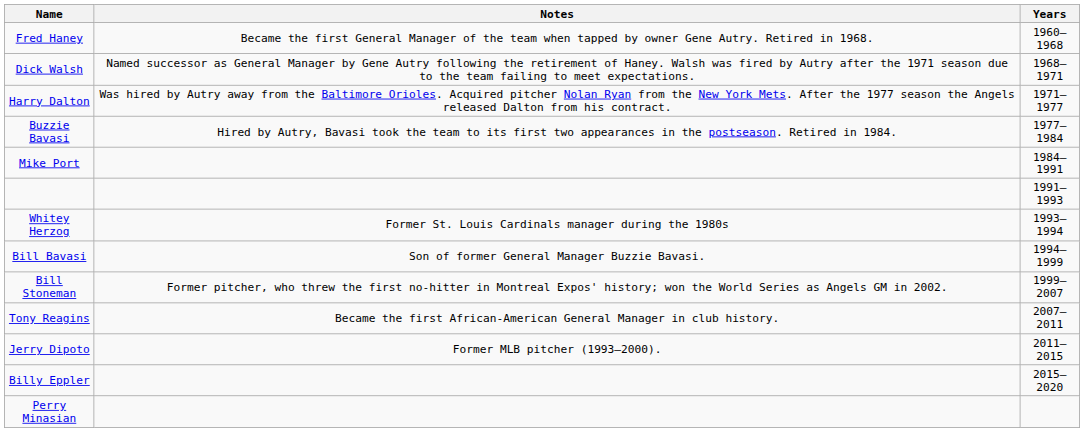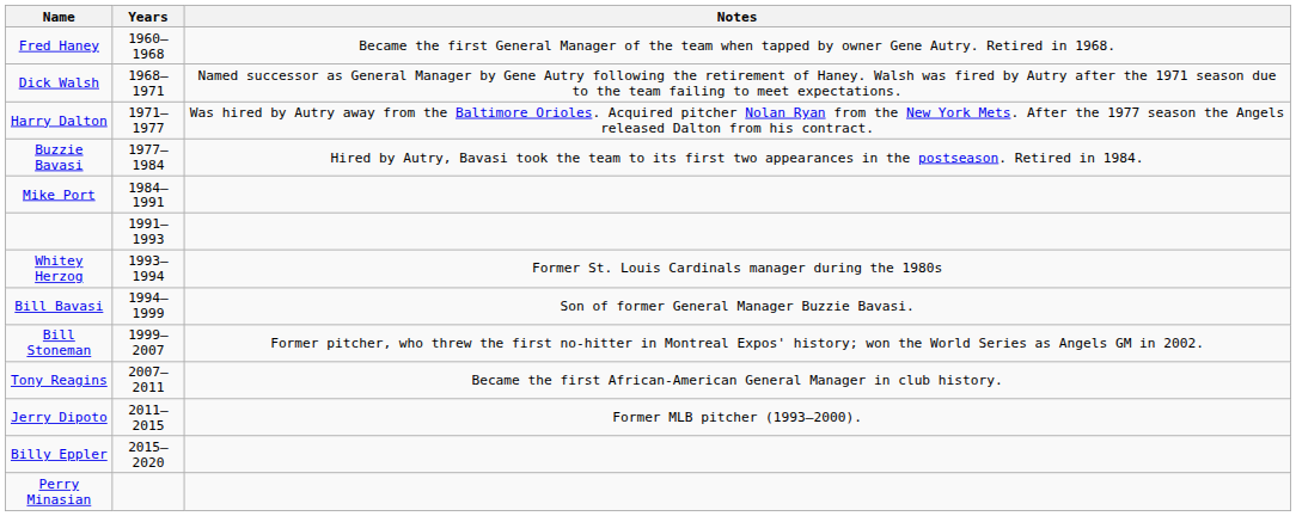 <table class="wikitable" style="text-align:center;">
 <tr>
 <th>Name</th>
+<th>Years</th>
 <th>Notes</th>
-<th>Years</th>
 </tr>
 <tr>
 <td><a href='#'>Fred Haney</a></td>
+<td>1960–1968</td>
 <td>Became the first General Manager of the team when tapped by owner Gene Autry. Retired in 1968.</td>
-<td>1960–1968</td>
 </tr>
 <tr>
 <td><a href='#'>Dick Walsh</a></td>
+<td>1968–1971</td>
 <td>Named successor as General Manager by Gene Autry following the retirement of Haney. Walsh was fired by Autry after the 1971 season due to the team failing to meet expectations.</td>
-<td>1968–1971</td>
 </tr>
 <tr>
 <td><a href='#'>Harry Dalton</a></td>
+<td>1971–1977</td>
 <td>Was hired by Autry away from the <a href='#'>Baltimore Orioles</a>. Acquired pitcher <a href='#'>Nolan Ryan</a> from the <a href='#'>New York Mets</a>. After the 1977 season the Angels released Dalton from his contract.</td>
-<td>1971–1977</td>
 </tr>
 <tr>
 <td><a href='#'>Buzzie Bavasi</a></td>
+<td>1977–1984</td>
 <td>Hired by Autry, Bavasi took the team to its first two appearances in the <a href='#'>postseason</a>. Retired in 1984.</td>
-<td>1977–1984</td>
 </tr>
 <tr>
 <td><a href='#'>Mike Port</a></td>
+<td>1984–1991</td>
 <td></td>
-<td>1984–1991</td>
 </tr>
 <tr>
 <td></td>
+<td>1991–1993</td>
 <td></td>
-<td>1991–1993</td>
 </tr>
 <tr>
 <td><a href='#'>Whitey Herzog</a></td>
+<td>1993–1994</td>
 <td>Former St. Louis Cardinals manager during the 1980s</td>
-<td>1993–1994</td>
 </tr>
 <tr>
 <td><a href='#'>Bill Bavasi</a></td>
+<td>1994–1999</td>
 <td>Son of former General Manager Buzzie Bavasi.</td>
-<td>1994–1999</td>
 </tr>
 <tr>
 <td><a href='#'>Bill Stoneman</a></td>
+<td>1999–2007</td>
 <td>Former pitcher, who threw the first no-hitter in Montreal Expos' history; won the World Series as Angels GM in 2002.</td>
-<td>1999–2007</td>
 </tr>
 <tr>
 <td><a href='#'>Tony Reagins</a></td>
+<td>2007–2011</td>
 <td>Became the first African-American General Manager in club history.</td>
-<td>2007–2011</td>
 </tr>
 <tr>
 <td><a href='#'>Jerry Dipoto</a></td>
+<td>2011–2015</td>
 <td>Former MLB pitcher (1993–2000).</td>
-<td>2011–2015</td>
 </tr>
 <tr>
 <td><a href='#'>Billy Eppler</a></td>
+<td>2015–2020</td>
 <td></td>
-<td>2015–2020</td>
 </tr>
 <tr>
 <td><a href='#'>Perry Minasian</a></td>
 <td></td>
 <td></td>
 </tr>
 </table>
